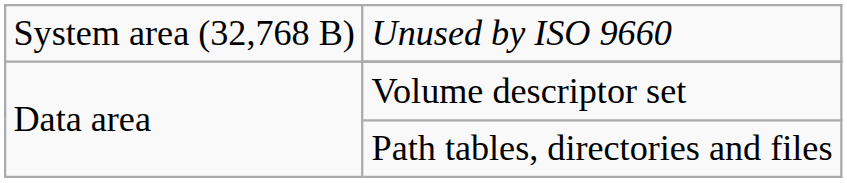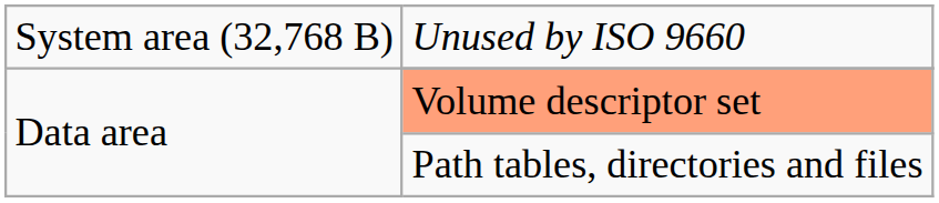 <table class="wikitable">
 <tr>
 <td>System area (32,768 B)</td>
 <td><em>Unused by ISO 9660</em></td>
 </tr>
 <tr>
 <td rowspan=3>Data area</td>
 </tr>
 <tr>
-<td>Volume descriptor set</td>
+<td style="background: lightsalmon;">Volume descriptor set</td>
 </tr>
 <tr>
 <td>Path tables, directories and files</td>
 </tr>
 </table>
